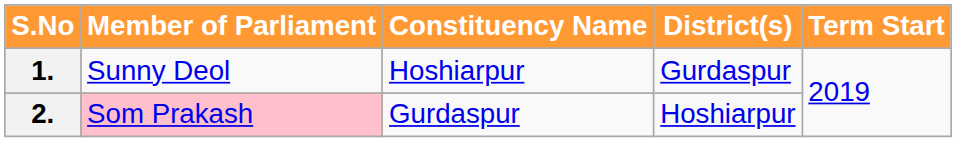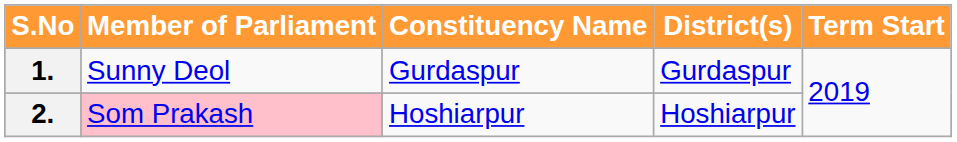 <table class="wikitable">
 <tr>
 <th style="background-color:#FF9933; color:white">S.No</th>
 <th style="background-color:#FF9933; color:white">Member of Parliament</th>
 <th style="background-color:#FF9933; color:white">Constituency Name</th>
 <th style="background-color:#FF9933; color:white">District(s)</th>
 <th style="background-color:#FF9933; color:white">Term Start</th>
 </tr>
 <tr>
 <th>1.</th>
 <td><a href='#'>Sunny Deol</a></td>
-<td><a href='#'>Hoshiarpur</a></td>
+<td><a href='#'>Gurdaspur</a></td>
 <td><a href='#'>Gurdaspur</a></td>
 <td rowspan ="2"><a href='#'>2019</a></td>
 </tr>
 <tr>
 <th>2.</th>
 <td style="background: pink;"><a href='#'>Som Prakash</a></td>
-<td><a href='#'>Gurdaspur</a></td>
+<td><a href='#'>Hoshiarpur</a></td>
 <td><a href='#'>Hoshiarpur</a></td>
 </tr>
 </table>
